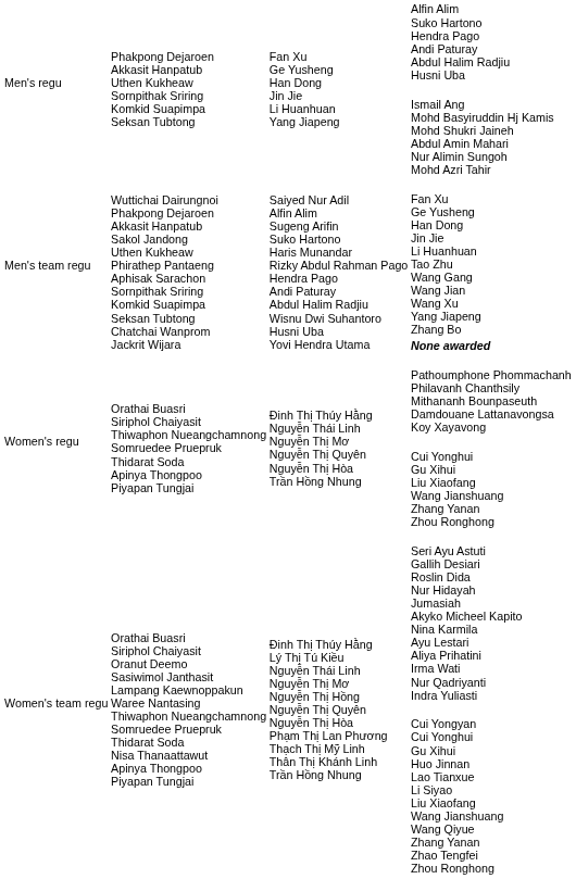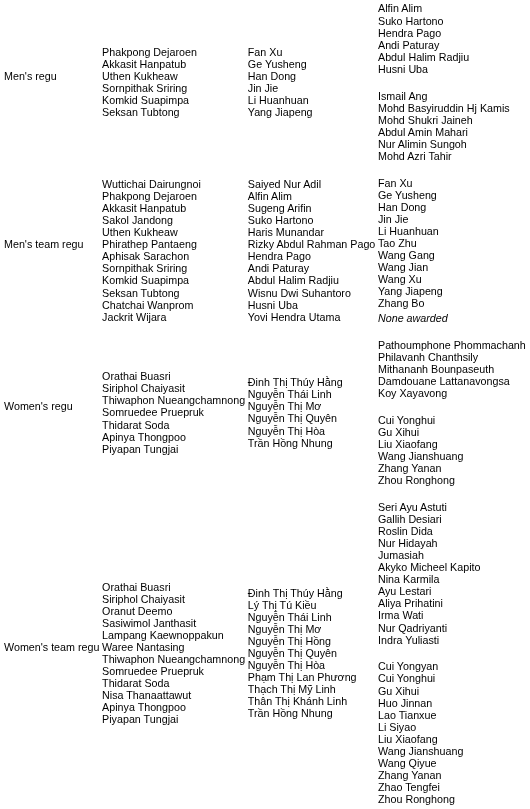 <table>
 <tr>
 <td rowspan=2>Men's regu</td>
 <td rowspan=2><br>Phakpong Dejaroen<br>Akkasit Hanpatub<br>Uthen Kukheaw<br>Sornpithak Sriring<br>Komkid Suapimpa<br>Seksan Tubtong</td>
 <td rowspan=2><br>Fan Xu<br>Ge Yusheng<br>Han Dong<br>Jin Jie<br>Li Huanhuan<br>Yang Jiapeng</td>
 <td><br>Alfin Alim<br>Suko Hartono<br>Hendra Pago<br>Andi Paturay<br>Abdul Halim Radjiu<br>Husni Uba</td>
 </tr>
 <tr>
 <td><br>Ismail Ang<br>Mohd Basyiruddin Hj Kamis<br>Mohd Shukri Jaineh<br>Abdul Amin Mahari<br>Nur Alimin Sungoh<br>Mohd Azri Tahir</td>
 </tr>
 <tr>
 <td rowspan=2>Men's team regu</td>
 <td rowspan=2><br>Wuttichai Dairungnoi<br>Phakpong Dejaroen<br>Akkasit Hanpatub<br>Sakol Jandong<br>Uthen Kukheaw<br>Phirathep Pantaeng<br>Aphisak Sarachon<br>Sornpithak Sriring<br>Komkid Suapimpa<br>Seksan Tubtong<br>Chatchai Wanprom<br>Jackrit Wijara</td>
 <td rowspan=2><br>Saiyed Nur Adil<br>Alfin Alim<br>Sugeng Arifin<br>Suko Hartono<br>Haris Munandar<br>Rizky Abdul Rahman Pago<br>Hendra Pago<br>Andi Paturay<br>Abdul Halim Radjiu<br>Wisnu Dwi Suhantoro<br>Husni Uba<br>Yovi Hendra Utama</td>
 <td><br>Fan Xu<br>Ge Yusheng<br>Han Dong<br>Jin Jie<br>Li Huanhuan<br>Tao Zhu<br>Wang Gang<br>Wang Jian<br>Wang Xu<br>Yang Jiapeng<br>Zhang Bo</td>
 </tr>
 <tr>
-<td><strong><em>None awarded</em></strong></td>
+<td><em>None awarded</em></td>
 </tr>
 <tr>
 <td rowspan=2>Women's regu</td>
 <td rowspan=2><br>Orathai Buasri<br>Siriphol Chaiyasit<br>Thiwaphon Nueangchamnong<br>Somruedee Pruepruk<br>Thidarat Soda<br>Apinya Thongpoo<br>Piyapan Tungjai</td>
 <td rowspan=2><br>Đinh Thị Thúy Hằng<br>Nguyễn Thái Linh<br>Nguyễn Thị Mơ<br>Nguyễn Thị Quyên<br>Nguyễn Thị Hòa<br>Trần Hồng Nhung</td>
 <td><br>Pathoumphone Phommachanh<br>Philavanh Chanthsily<br>Mithananh Bounpaseuth<br>Damdouane Lattanavongsa<br>Koy Xayavong</td>
 </tr>
 <tr>
 <td><br>Cui Yonghui<br>Gu Xihui<br>Liu Xiaofang<br>Wang Jianshuang<br>Zhang Yanan<br>Zhou Ronghong</td>
 </tr>
 <tr>
 <td rowspan=2>Women's team regu</td>
 <td rowspan=2><br>Orathai Buasri<br>Siriphol Chaiyasit<br>Oranut Deemo<br>Sasiwimol Janthasit<br>Lampang Kaewnoppakun<br>Waree Nantasing<br>Thiwaphon Nueangchamnong<br>Somruedee Pruepruk<br>Thidarat Soda<br>Nisa Thanaattawut<br>Apinya Thongpoo<br>Piyapan Tungjai</td>
 <td rowspan=2><br>Đinh Thị Thúy Hằng<br>Lý Thị Tú Kiều<br>Nguyễn Thái Linh<br>Nguyễn Thị Mơ<br>Nguyễn Thị Hồng<br>Nguyễn Thị Quyên<br>Nguyễn Thị Hòa<br>Phạm Thị Lan Phương<br>Thạch Thị Mỹ Linh<br>Thân Thị Khánh Linh<br>Trần Hồng Nhung</td>
 <td><br>Seri Ayu Astuti<br>Gallih Desiari<br>Roslin Dida<br>Nur Hidayah<br>Jumasiah<br>Akyko Micheel Kapito<br>Nina Karmila<br>Ayu Lestari<br>Aliya Prihatini<br>Irma Wati<br>Nur Qadriyanti<br>Indra Yuliasti</td>
 </tr>
 <tr>
 <td><br>Cui Yongyan<br>Cui Yonghui<br>Gu Xihui<br>Huo Jinnan<br>Lao Tianxue<br>Li Siyao<br>Liu Xiaofang<br>Wang Jianshuang<br>Wang Qiyue<br>Zhang Yanan<br>Zhao Tengfei<br>Zhou Ronghong</td>
 </tr>
 </table>
